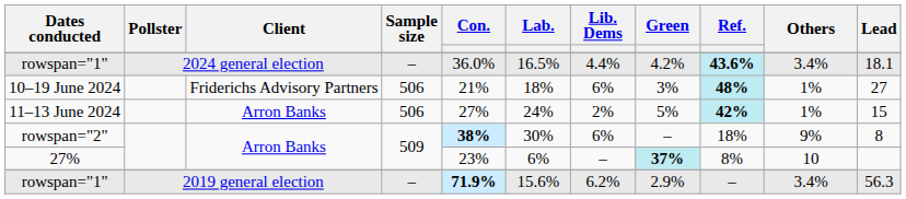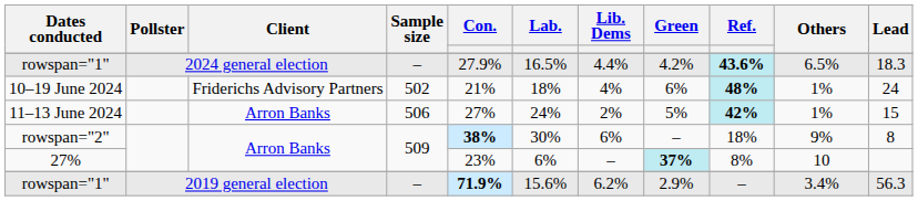 <table class="wikitable sortable mw-datatable" style="text-align:center; font-size:90%; line-height:14px;">
 <tr>
 <th rowspan="2">Dates <br>conducted</th>
 <th rowspan="2">Pollster</th>
 <th rowspan="2">Client</th>
 <th rowspan="2" data-sort-type="number">Sample<br>size</th>
 <th class="unsortable" style="width:50px;"><a href='#'>Con.</a></th>
 <th class="unsortable" style="width:50px;"><a href='#'>Lab.</a></th>
 <th class="unsortable" style="width:50px;"><a href='#'>Lib. Dems</a></th>
 <th class="unsortable" style="width:50px;"><a href='#'>Green</a></th>
 <th class="unsortable" style="width:50px;"><a href='#'>Ref.</a></th>
 <th rowspan="2" class="unsortable" style="width:75px;">Others</th>
 <th rowspan="2" data-sort-type="number">Lead</th>
 </tr>
 <tr>
 <th data-sort-type="number" style="background:"></th>
 <th data-sort-type="number" style="background:"></th>
 <th data-sort-type="number" style="background:"></th>
 <th data-sort-type="number" style="background:"></th>
 <th data-sort-type="number" style="background:"></th>
 </tr>
 <tr style="background:#e9e9e9;">
 </tr>
 <tr>
 </tr>
 <tr style="background:#e9e9e9;">
 <td>rowspan="1" </td>
 <td colspan="2" rowspan="1"><a href='#'>2024 general election</a></td>
 <td>–</td>
-<td>36.0%</td>
+<td>27.9%</td>
 <td>16.5%</td>
 <td>4.4%</td>
 <td>4.2%</td>
 <td style="background:#BFEBF2;"><strong>43.6%</strong></td>
-<td>3.4%</td>
-<td style="background:">18.1</td>
+<td>6.5%</td>
+<td style="background:">18.3</td>
 </tr>
 <tr>
 <td>10–19 June 2024</td>
 <td></td>
 <td>Friderichs Advisory Partners</td>
-<td>506</td>
+<td>502</td>
 <td>21%</td>
 <td>18%</td>
+<td>4%</td>
 <td>6%</td>
-<td>3%</td>
 <td style="background:#BFEBF2;"><strong>48%</strong></td>
 <td>1%</td>
-<td style="background:">27</td>
+<td style="background:">24</td>
 </tr>
 <tr>
 <td>11–13 June 2024</td>
 <td></td>
 <td><a href='#'>Arron Banks</a></td>
 <td>506</td>
 <td>27%</td>
 <td>24%</td>
 <td>2%</td>
 <td>5%</td>
 <td style="background:#BFEBF2;"><strong>42%</strong></td>
 <td>1%</td>
 <td style="background:">15</td>
 </tr>
 <tr>
 <td>rowspan="2" </td>
 <td rowspan="2"></td>
 <td rowspan="2"><a href='#'>Arron Banks</a></td>
 <td rowspan="2">509</td>
 <td style="background:#CCEBFF;"><strong>38%</strong></td>
 <td>30%</td>
 <td>6%</td>
 <td>–</td>
 <td>18%</td>
 <td>9%</td>
 <td style="background:">8</td>
 </tr>
 <tr>
 <td>27%</td>
 <td>23%</td>
 <td>6%</td>
 <td>–</td>
 <td style="background:#BFEBF2;"><strong>37%</strong></td>
 <td>8%</td>
 <td style="background:">10</td>
 </tr>
 <tr style="background:#e9e9e9;">
 </tr>
 <tr>
 </tr>
 <tr style="background:#e9e9e9;">
 <td>rowspan="1" </td>
 <td colspan="2" rowspan="1"><a href='#'>2019 general election</a></td>
 <td>–</td>
 <td style="background:#CCEBFF;"><strong>71.9%</strong></td>
 <td>15.6%</td>
 <td>6.2%</td>
 <td>2.9%</td>
 <td>–</td>
 <td>3.4%</td>
 <td style="background:">56.3</td>
 </tr>
 </table>
